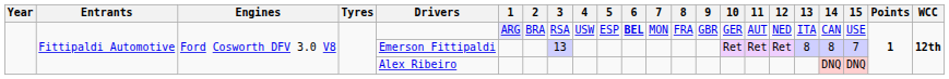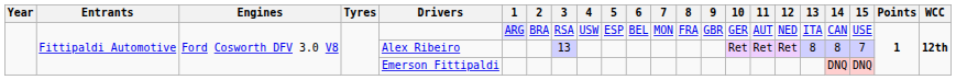 <table class="wikitable" style="text-align:center; font-size:95%">
 <tr>
 <th>Year</th>
 <th>Entrants</th>
 <th>Engines</th>
 <th>Tyres</th>
 <th>Drivers</th>
 <th>1</th>
 <th>2</th>
 <th>3</th>
 <th>4</th>
 <th>5</th>
 <th>6</th>
 <th>7</th>
 <th>8</th>
 <th>9</th>
 <th>10</th>
 <th>11</th>
 <th>12</th>
 <th>13</th>
 <th>14</th>
 <th>15</th>
 <th>Points</th>
 <th>WCC</th>
 </tr>
 <tr>
 <td rowspan="3"></td>
 <td rowspan="3"><a href='#'>Fittipaldi Automotive</a></td>
 <td rowspan="3"><a href='#'>Ford</a> <a href='#'>Cosworth DFV</a> 3.0 <a href='#'>V8</a></td>
 <td rowspan="3"></td>
 <td></td>
 <td style="background: lavender;"><a href='#'>ARG</a></td>
 <td><a href='#'>BRA</a></td>
 <td><a href='#'>RSA</a></td>
 <td><a href='#'>USW</a></td>
 <td><a href='#'>ESP</a></td>
-<td><strong><a href='#'>BEL</a></strong></td>
+<td><a href='#'>BEL</a></td>
 <td><a href='#'>MON</a></td>
 <td><a href='#'>FRA</a></td>
 <td><a href='#'>GBR</a></td>
 <td><a href='#'>GER</a></td>
 <td><a href='#'>AUT</a></td>
 <td><a href='#'>NED</a></td>
 <td><a href='#'>ITA</a></td>
 <td><a href='#'>CAN</a></td>
 <td><a href='#'>USE</a></td>
 <td rowspan="3"><strong>1</strong></td>
 <td rowspan="3"><strong>12th</strong></td>
 </tr>
 <tr>
-<td align="left"><a href='#'>Emerson Fittipaldi</a></td>
+<td align="left"><a href='#'>Alex Ribeiro</a></td>
 <td></td>
 <td></td>
 <td style="background:#CFCFFF;" align="center">13</td>
 <td></td>
 <td></td>
 <td></td>
 <td></td>
 <td></td>
 <td></td>
 <td style="background:#EFCFFF;" align="center">Ret</td>
 <td style="background:#EFCFFF;" align="center">Ret</td>
 <td style="background:#EFCFFF;" align="center">Ret</td>
 <td style="background:#CFCFFF;" align="center">8</td>
 <td style="background:#CFCFFF;" align="center">8</td>
 <td style="background:#CFCFFF;" align="center">7</td>
 </tr>
 <tr>
-<td align="left"><a href='#'>Alex Ribeiro</a></td>
+<td align="left"><a href='#'>Emerson Fittipaldi</a></td>
 <td></td>
 <td></td>
 <td></td>
 <td></td>
 <td></td>
 <td></td>
 <td></td>
 <td></td>
 <td></td>
 <td></td>
 <td></td>
 <td></td>
 <td></td>
 <td style="background:#FFCFCF;" align="center">DNQ</td>
 <td style="background:#FFCFCF;" align="center">DNQ</td>
 </tr>
 </table>
